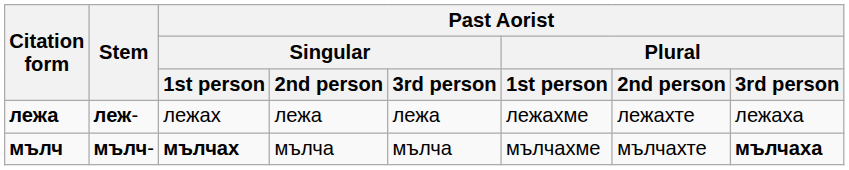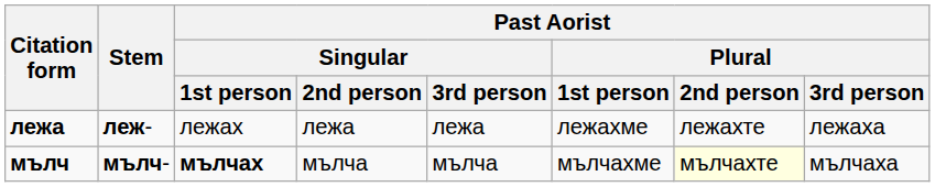 <table class="wikitable">
 <tr>
 <th rowspan="3">Citation<br>form</th>
 <th rowspan="3">Stem</th>
 <th colspan="6">Past Aorist</th>
 </tr>
 <tr>
 <th colspan="3">Singular</th>
 <th colspan="3">Plural</th>
 </tr>
 <tr>
 <th><strong>1st person</strong></th>
 <th><strong>2nd person</strong></th>
 <th><strong>3rd person</strong></th>
 <th><strong>1st person</strong></th>
 <th><strong>2nd person</strong></th>
 <th><strong>3rd person</strong></th>
 </tr>
 <tr>
 <td><strong>лежа</strong> <br></td>
 <td><strong>леж</strong>- <br></td>
 <td>леж<span>а</span><span>х</span> <br></td>
 <td>леж<span>а</span> <br></td>
 <td>леж<span>а</span> <br></td>
 <td>леж<span>а</span><span>хме</span> <br></td>
 <td>леж<span>а</span><span>хте</span> <br></td>
 <td>леж<span>а</span><span>ха</span> <br></td>
 </tr>
 <tr>
 <td><strong>мълч</strong> <br></td>
 <td><strong>мълч</strong>- <br></td>
 <td><strong>мълч<span>а</span><span>х</span> <br></strong></td>
 <td>мълч<span>а</span> <br></td>
 <td>мълч<span>а</span> <br></td>
 <td>мълч<span>а</span><span>хме</span> <br></td>
-<td>мълч<span>а</span><span>хте</span> <br></td>
-<td><strong>мълч<span>а</span><span>ха</span> <br></strong></td>
+<td style="background: lightyellow;">мълч<span>а</span><span>хте</span> <br></td>
+<td>мълч<span>а</span><span>ха</span> <br></td>
 </tr>
 </table>
